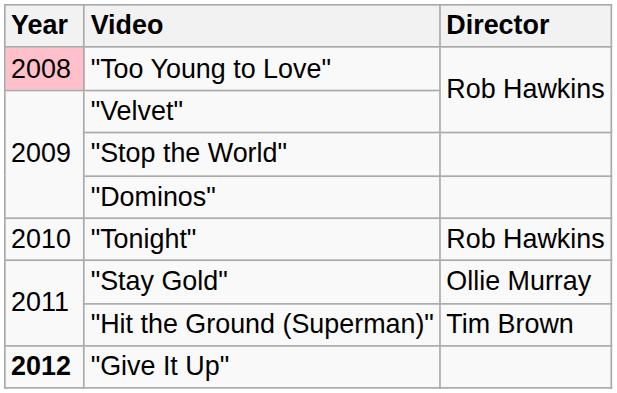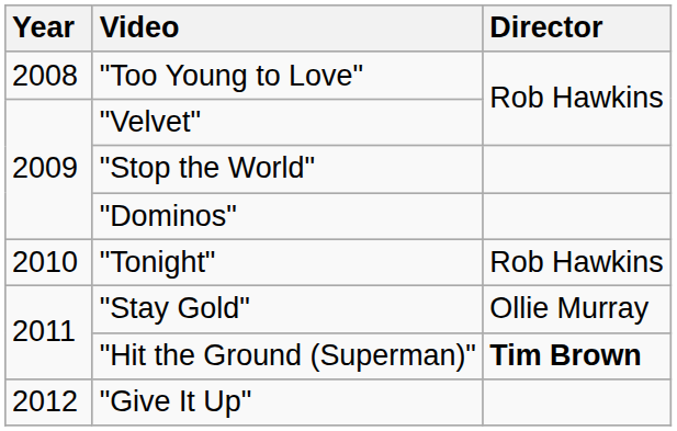 <table class="wikitable">
 <tr>
 <th style="vertical-align:top; text-align:left; width:40px;">Year</th>
 <th style="text-align:left; vertical-align:top;">Video</th>
 <th style="text-align:left; vertical-align:top;">Director</th>
 </tr>
 <tr style="text-align:left;">
-<td style="background: pink;">2008</td>
+<td>2008</td>
 <td style="vertical-align:top;">"Too Young to Love"</td>
 <td rowspan="2">Rob Hawkins</td>
 </tr>
 <tr style="text-align:left;">
 <td rowspan="3">2009</td>
 <td style="vertical-align:top;">"Velvet"</td>
 </tr>
 <tr style="text-align:left; vertical-align:top;">
 <td>"Stop the World"</td>
 <td></td>
 </tr>
 <tr style="text-align:left; vertical-align:top;">
 <td>"Dominos"</td>
 <td></td>
 </tr>
 <tr style="text-align:left;">
 <td>2010</td>
 <td style="vertical-align:top;">"Tonight"</td>
 <td style="vertical-align:top;">Rob Hawkins</td>
 </tr>
 <tr style="text-align:left;">
 <td rowspan="2">2011</td>
 <td style="vertical-align:top;">"Stay Gold"</td>
 <td style="vertical-align:top;">Ollie Murray</td>
 </tr>
 <tr style="text-align:left; vertical-align:top;">
 <td>"Hit the Ground (Superman)"</td>
-<td>Tim Brown</td>
+<td><strong>Tim Brown</strong></td>
 </tr>
 <tr style="text-align:left;">
-<td><strong>2012</strong></td>
+<td>2012</td>
 <td style="vertical-align:top;">"Give It Up"</td>
 <td style="vertical-align:top;"></td>
 </tr>
 </table>
